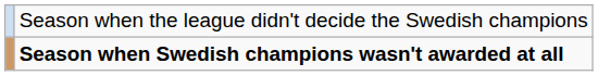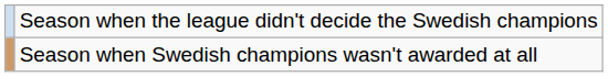 <table class="wikitable">
 <tr>
 <td style="background:#cedff2;"></td>
 <td>Season when the league didn't decide the Swedish champions</td>
 </tr>
 <tr>
 <td style="background:#c96;"></td>
-<td><strong>Season when Swedish champions wasn't awarded at all</strong></td>
+<td>Season when Swedish champions wasn't awarded at all</td>
 </tr>
 </table>
